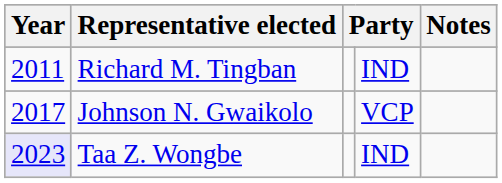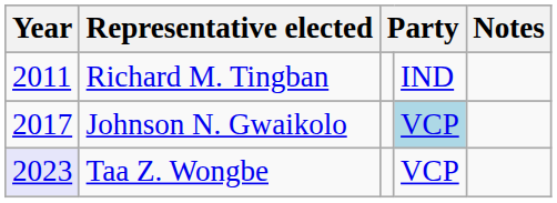 <table class="wikitable">
 <tr>
 <th>Year</th>
 <th>Representative elected</th>
 <th colspan=2>Party</th>
 <th>Notes</th>
 </tr>
 <tr>
 <td><a href='#'>2011</a></td>
 <td><a href='#'>Richard M. Tingban</a></td>
 <td></td>
 <td><a href='#'>IND</a></td>
 <td></td>
 </tr>
 <tr>
 <td><a href='#'>2017</a></td>
 <td><a href='#'>Johnson N. Gwaikolo</a></td>
 <td></td>
-<td><a href='#'>VCP</a></td>
+<td style="background: lightblue;"><a href='#'>VCP</a></td>
 <td></td>
 </tr>
 <tr>
 <td style="background: lavender;"><a href='#'>2023</a></td>
 <td><a href='#'>Taa Z. Wongbe</a></td>
 <td></td>
-<td><a href='#'>IND</a></td>
+<td><a href='#'>VCP</a></td>
 <td></td>
 </tr>
 </table>
